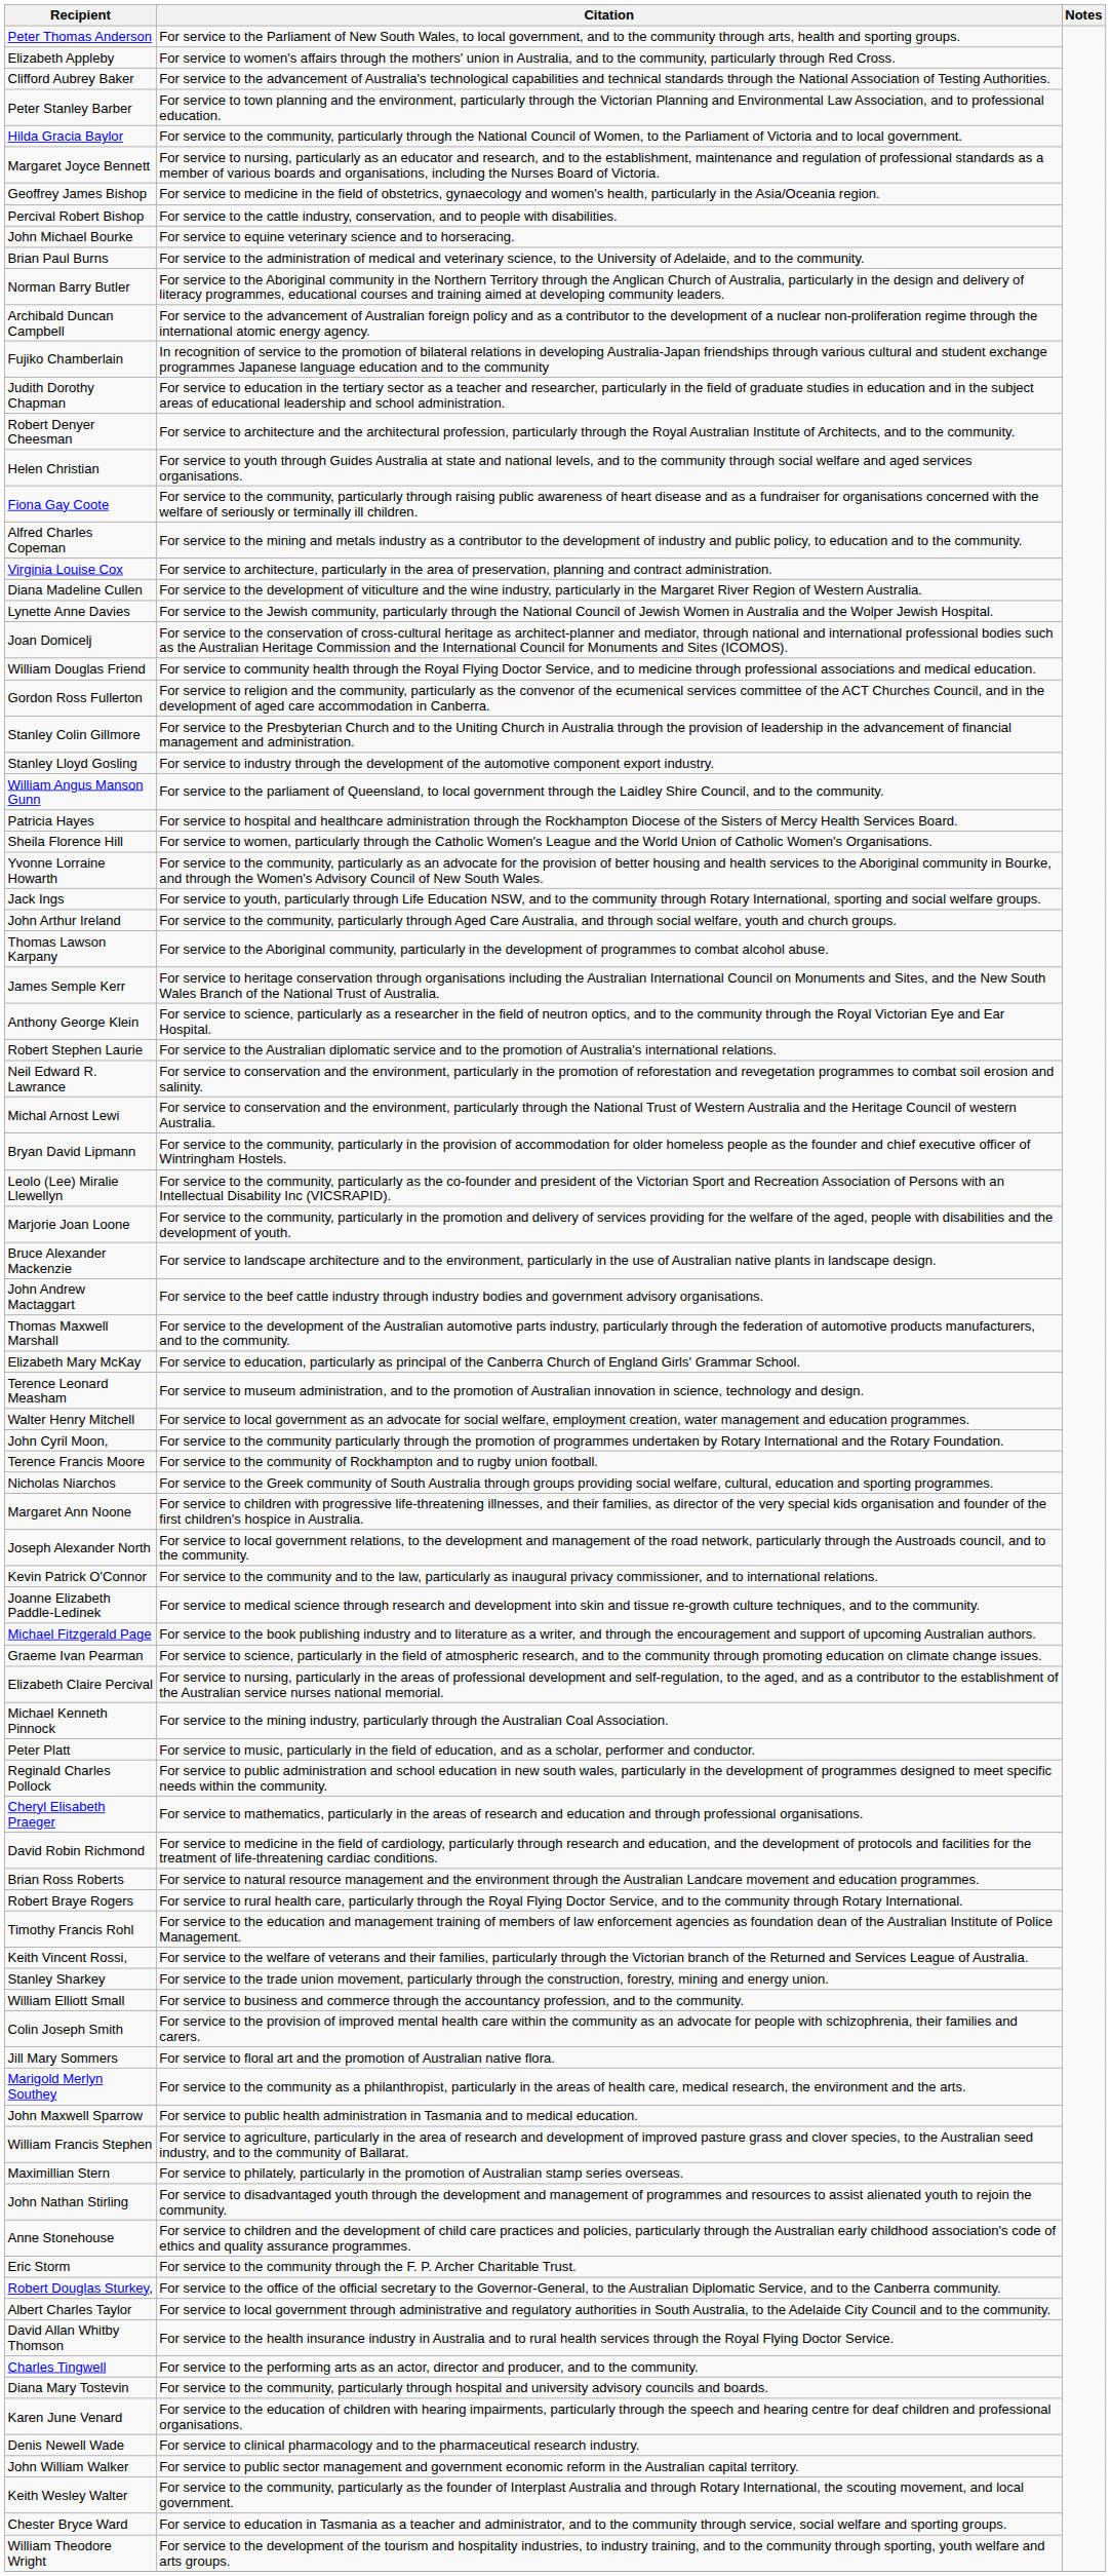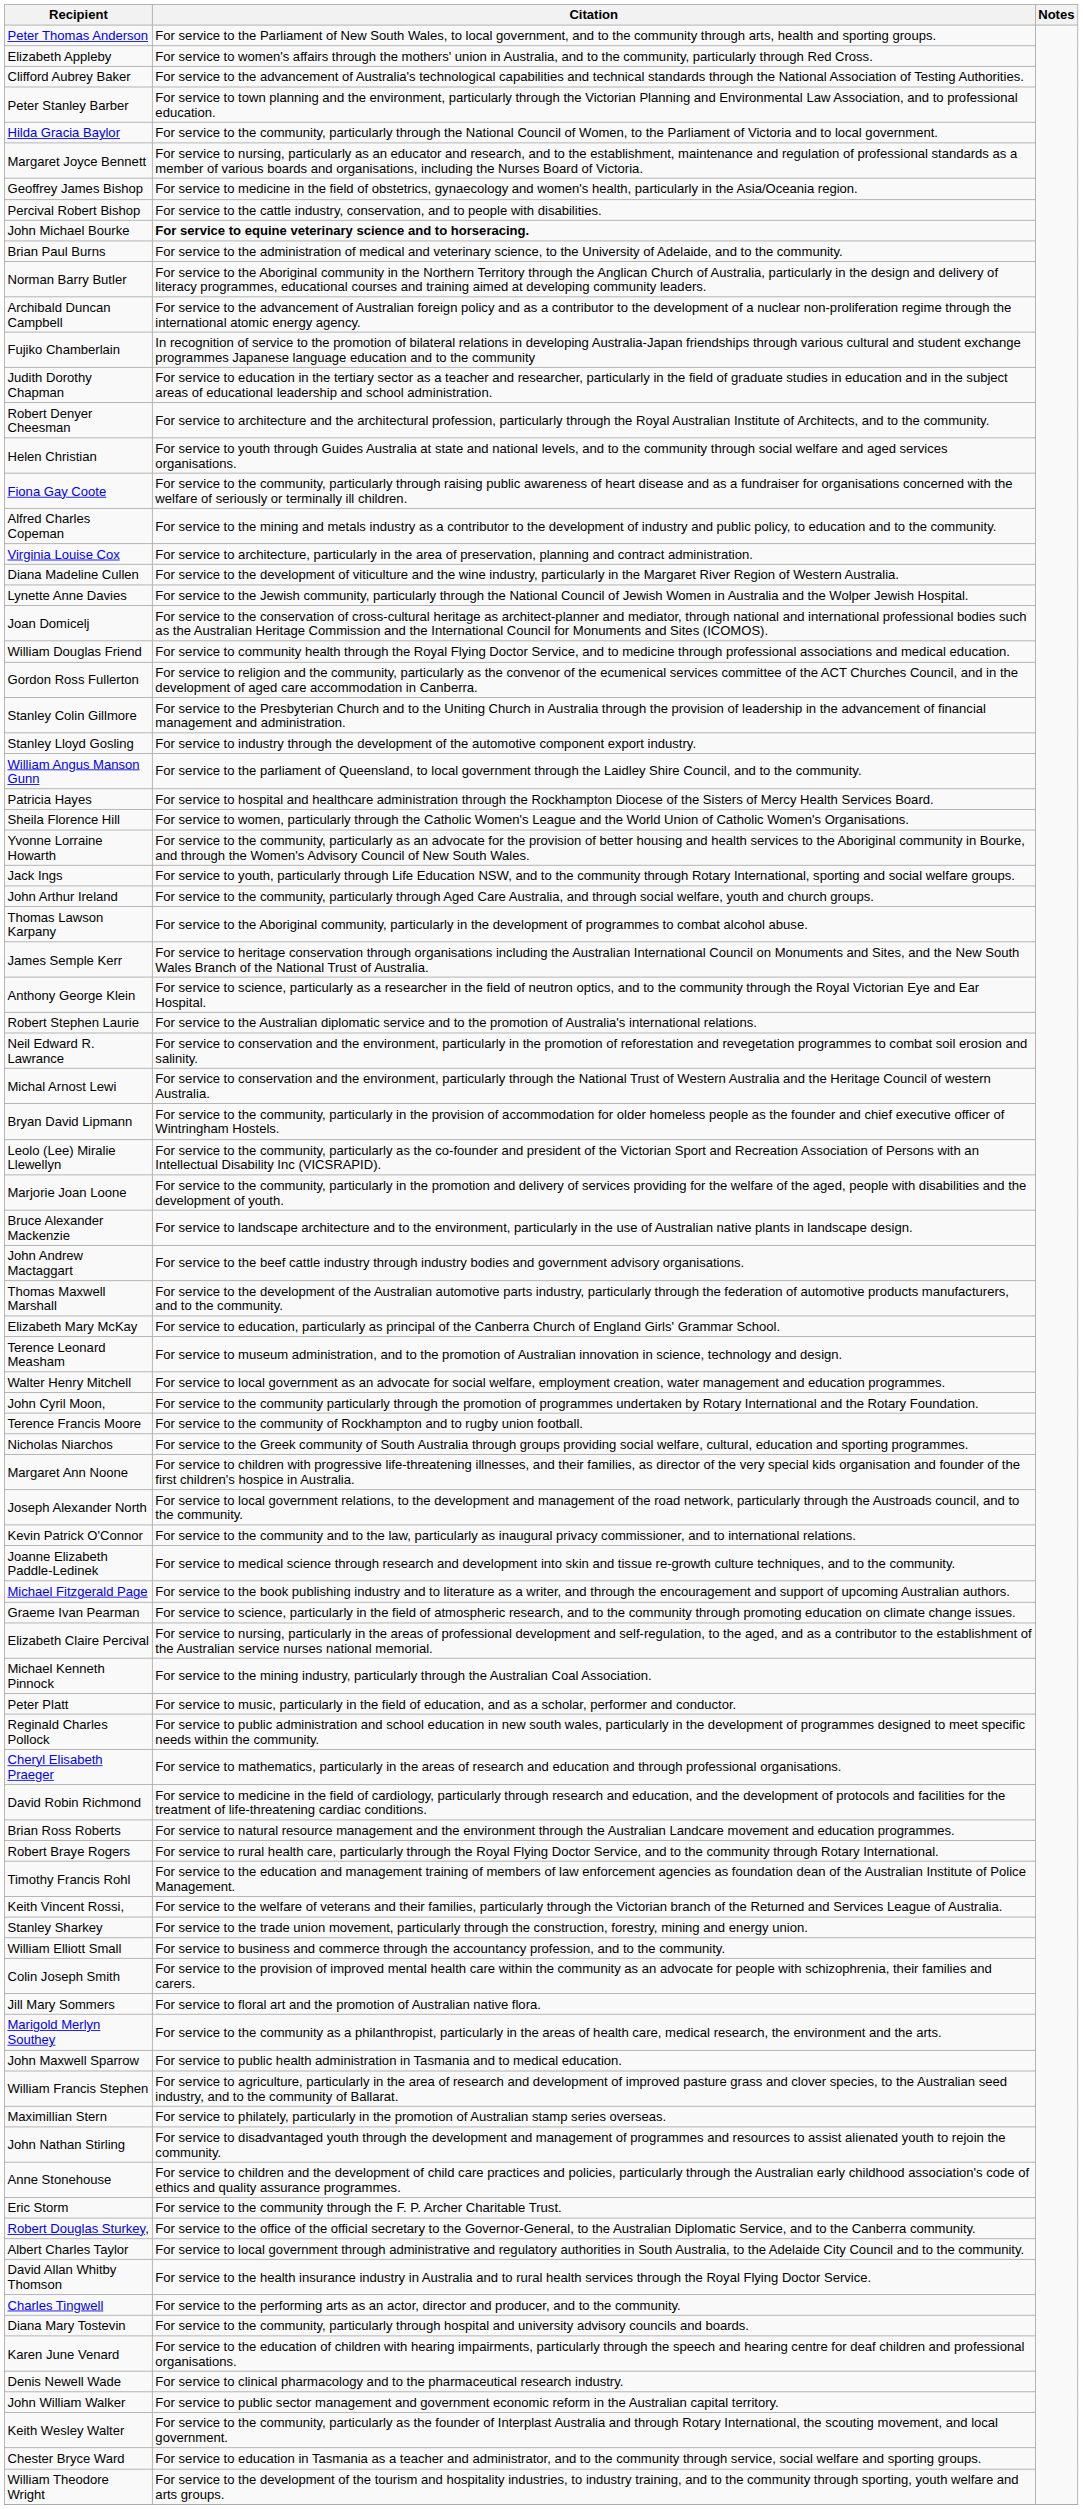 <table class="wikitable" style="font-size:95%;">
 <tr>
 <th>Recipient</th>
 <th>Citation</th>
 <th>Notes</th>
 </tr>
 <tr>
 <td> <a href='#'>Peter Thomas Anderson</a></td>
 <td>For service to the Parliament of New South Wales, to local government, and to the community through arts, health and sporting groups.</td>
 <td rowspan=88></td>
 </tr>
 <tr>
 <td>Elizabeth Appleby</td>
 <td>For service to women's affairs through the mothers' union in Australia, and to the community, particularly through Red Cross.</td>
 </tr>
 <tr>
 <td>Clifford Aubrey Baker</td>
 <td>For service to the advancement of Australia's technological capabilities and technical standards through the National Association of Testing Authorities.</td>
 </tr>
 <tr>
 <td>Peter Stanley Barber</td>
 <td>For service to town planning and the environment, particularly through the Victorian Planning and Environmental Law Association, and to professional education.</td>
 </tr>
 <tr>
 <td><a href='#'>Hilda Gracia Baylor</a></td>
 <td>For service to the community, particularly through the National Council of Women, to the Parliament of Victoria and to local government.</td>
 </tr>
 <tr>
 <td> Margaret Joyce Bennett</td>
 <td>For service to nursing, particularly as an educator and research, and to the establishment, maintenance and regulation of professional standards as a member of various boards and organisations, including the Nurses Board of Victoria.</td>
 </tr>
 <tr>
 <td> Geoffrey James Bishop</td>
 <td>For service to medicine in the field of obstetrics, gynaecology and women's health, particularly in the Asia/Oceania region.</td>
 </tr>
 <tr>
 <td>Percival Robert Bishop</td>
 <td>For service to the cattle industry, conservation, and to people with disabilities.</td>
 </tr>
 <tr>
 <td> John Michael Bourke</td>
-<td>For service to equine veterinary science and to horseracing.</td>
+<td><strong>For service to equine veterinary science and to horseracing.</strong></td>
 </tr>
 <tr>
 <td>Brian Paul Burns</td>
 <td>For service to the administration of medical and veterinary science, to the University of Adelaide, and to the community.</td>
 </tr>
 <tr>
 <td> Norman Barry Butler</td>
 <td>For service to the Aboriginal community in the Northern Territory through the Anglican Church of Australia, particularly in the design and delivery of literacy programmes, educational courses and training aimed at developing community leaders.</td>
 </tr>
 <tr>
 <td>Archibald Duncan Campbell</td>
 <td>For service to the advancement of Australian foreign policy and as a contributor to the development of a nuclear non-proliferation regime through the international atomic energy agency.</td>
 </tr>
 <tr>
 <td> Fujiko Chamberlain</td>
 <td>In recognition of service to the promotion of bilateral relations in developing Australia-Japan friendships through various cultural and student exchange programmes Japanese language education and to the community</td>
 </tr>
 <tr>
 <td> Judith Dorothy Chapman</td>
 <td>For service to education in the tertiary sector as a teacher and researcher, particularly in the field of graduate studies in education and in the subject areas of educational leadership and school administration.</td>
 </tr>
 <tr>
 <td>Robert Denyer Cheesman</td>
 <td>For service to architecture and the architectural profession, particularly through the Royal Australian Institute of Architects, and to the community.</td>
 </tr>
 <tr>
 <td>Helen Christian</td>
 <td>For service to youth through Guides Australia at state and national levels, and to the community through social welfare and aged services organisations.</td>
 </tr>
 <tr>
 <td><a href='#'>Fiona Gay Coote</a></td>
 <td>For service to the community, particularly through raising public awareness of heart disease and as a fundraiser for organisations concerned with the welfare of seriously or terminally ill children.</td>
 </tr>
 <tr>
 <td>Alfred Charles Copeman</td>
 <td>For service to the mining and metals industry as a contributor to the development of industry and public policy, to education and to the community.</td>
 </tr>
 <tr>
 <td><a href='#'>Virginia Louise Cox</a></td>
 <td>For service to architecture, particularly in the area of preservation, planning and contract administration.</td>
 </tr>
 <tr>
 <td>Diana Madeline Cullen</td>
 <td>For service to the development of viticulture and the wine industry, particularly in the Margaret River Region of Western Australia.</td>
 </tr>
 <tr>
 <td>Lynette Anne Davies</td>
 <td>For service to the Jewish community, particularly through the National Council of Jewish Women in Australia and the Wolper Jewish Hospital.</td>
 </tr>
 <tr>
 <td>Joan Domicelj</td>
 <td>For service to the conservation of cross-cultural heritage as architect-planner and mediator, through national and international professional bodies such as the Australian Heritage Commission and the International Council for Monuments and Sites (ICOMOS).</td>
 </tr>
 <tr>
 <td> William Douglas Friend</td>
 <td>For service to community health through the Royal Flying Doctor Service, and to medicine through professional associations and medical education.</td>
 </tr>
 <tr>
 <td> Gordon Ross Fullerton</td>
 <td>For service to religion and the community, particularly as the convenor of the ecumenical services committee of the ACT Churches Council, and in the development of aged care accommodation in Canberra.</td>
 </tr>
 <tr>
 <td>Stanley Colin Gillmore</td>
 <td>For service to the Presbyterian Church and to the Uniting Church in Australia through the provision of leadership in the advancement of financial management and administration.</td>
 </tr>
 <tr>
 <td>Stanley Lloyd Gosling</td>
 <td>For service to industry through the development of the automotive component export industry.</td>
 </tr>
 <tr>
 <td> <a href='#'>William Angus Manson Gunn</a></td>
 <td>For service to the parliament of Queensland, to local government through the Laidley Shire Council, and to the community.</td>
 </tr>
 <tr>
 <td> Patricia Hayes</td>
 <td>For service to hospital and healthcare administration through the Rockhampton Diocese of the Sisters of Mercy Health Services Board.</td>
 </tr>
 <tr>
 <td>Sheila Florence Hill</td>
 <td>For service to women, particularly through the Catholic Women's League and the World Union of Catholic Women's Organisations.</td>
 </tr>
 <tr>
 <td>Yvonne Lorraine Howarth</td>
 <td>For service to the community, particularly as an advocate for the provision of better housing and health services to the Aboriginal community in Bourke, and through the Women's Advisory Council of New South Wales.</td>
 </tr>
 <tr>
 <td>Jack Ings</td>
 <td>For service to youth, particularly through Life Education NSW, and to the community through Rotary International, sporting and social welfare groups.</td>
 </tr>
 <tr>
 <td>John Arthur Ireland</td>
 <td>For service to the community, particularly through Aged Care Australia, and through social welfare, youth and church groups.</td>
 </tr>
 <tr>
 <td>Thomas Lawson Karpany</td>
 <td>For service to the Aboriginal community, particularly in the development of programmes to combat alcohol abuse.</td>
 </tr>
 <tr>
 <td> James Semple Kerr</td>
 <td>For service to heritage conservation through organisations including the Australian International Council on Monuments and Sites, and the New South Wales Branch of the National Trust of Australia.</td>
 </tr>
 <tr>
 <td> Anthony George Klein</td>
 <td>For service to science, particularly as a researcher in the field of neutron optics, and to the community through the Royal Victorian Eye and Ear Hospital.</td>
 </tr>
 <tr>
 <td> Robert Stephen Laurie</td>
 <td>For service to the Australian diplomatic service and to the promotion of Australia's international relations.</td>
 </tr>
 <tr>
 <td>Neil Edward R. Lawrance</td>
 <td>For service to conservation and the environment, particularly in the promotion of reforestation and revegetation programmes to combat soil erosion and salinity.</td>
 </tr>
 <tr>
 <td>Michal Arnost Lewi</td>
 <td>For service to conservation and the environment, particularly through the National Trust of Western Australia and the Heritage Council of western Australia.</td>
 </tr>
 <tr>
 <td>Bryan David Lipmann</td>
 <td>For service to the community, particularly in the provision of accommodation for older homeless people as the founder and chief executive officer of Wintringham Hostels.</td>
 </tr>
 <tr>
 <td>Leolo (Lee) Miralie Llewellyn</td>
 <td>For service to the community, particularly as the co-founder and president of the Victorian Sport and Recreation Association of Persons with an Intellectual Disability Inc (VICSRAPID).</td>
 </tr>
 <tr>
 <td>Marjorie Joan Loone</td>
 <td>For service to the community, particularly in the promotion and delivery of services providing for the welfare of the aged, people with disabilities and the development of youth.</td>
 </tr>
 <tr>
 <td>Bruce Alexander Mackenzie</td>
 <td>For service to landscape architecture and to the environment, particularly in the use of Australian native plants in landscape design.</td>
 </tr>
 <tr>
 <td>John Andrew Mactaggart</td>
 <td>For service to the beef cattle industry through industry bodies and government advisory organisations.</td>
 </tr>
 <tr>
 <td>Thomas Maxwell Marshall</td>
 <td>For service to the development of the Australian automotive parts industry, particularly through the federation of automotive products manufacturers, and to the community.</td>
 </tr>
 <tr>
 <td>Elizabeth Mary McKay</td>
 <td>For service to education, particularly as principal of the Canberra Church of England Girls' Grammar School.</td>
 </tr>
 <tr>
 <td>Terence Leonard Measham</td>
 <td>For service to museum administration, and to the promotion of Australian innovation in science, technology and design.</td>
 </tr>
 <tr>
 <td> Walter Henry Mitchell</td>
 <td>For service to local government as an advocate for social welfare, employment creation, water management and education programmes.</td>
 </tr>
 <tr>
 <td>John Cyril Moon, </td>
 <td>For service to the community particularly through the promotion of programmes undertaken by Rotary International and the Rotary Foundation.</td>
 </tr>
 <tr>
 <td>Terence Francis Moore</td>
 <td>For service to the community of Rockhampton and to rugby union football.</td>
 </tr>
 <tr>
 <td>Nicholas Niarchos</td>
 <td>For service to the Greek community of South Australia through groups providing social welfare, cultural, education and sporting programmes.</td>
 </tr>
 <tr>
 <td> Margaret Ann Noone</td>
 <td>For service to children with progressive life-threatening illnesses, and their families, as director of the very special kids organisation and founder of the first children's hospice in Australia.</td>
 </tr>
 <tr>
 <td>Joseph Alexander North</td>
 <td>For service to local government relations, to the development and management of the road network, particularly through the Austroads council, and to the community.</td>
 </tr>
 <tr>
 <td> Kevin Patrick O'Connor</td>
 <td>For service to the community and to the law, particularly as inaugural privacy commissioner, and to international relations.</td>
 </tr>
 <tr>
 <td>Joanne Elizabeth Paddle-Ledinek</td>
 <td>For service to medical science through research and development into skin and tissue re-growth culture techniques, and to the community.</td>
 </tr>
 <tr>
 <td><a href='#'>Michael Fitzgerald Page</a></td>
 <td>For service to the book publishing industry and to literature as a writer, and through the encouragement and support of upcoming Australian authors.</td>
 </tr>
 <tr>
 <td> Graeme Ivan Pearman</td>
 <td>For service to science, particularly in the field of atmospheric research, and to the community through promoting education on climate change issues.</td>
 </tr>
 <tr>
 <td>Elizabeth Claire Percival</td>
 <td>For service to nursing, particularly in the areas of professional development and self-regulation, to the aged, and as a contributor to the establishment of the Australian service nurses national memorial.</td>
 </tr>
 <tr>
 <td>Michael Kenneth Pinnock</td>
 <td>For service to the mining industry, particularly through the Australian Coal Association.</td>
 </tr>
 <tr>
 <td> Peter Platt</td>
 <td>For service to music, particularly in the field of education, and as a scholar, performer and conductor.</td>
 </tr>
 <tr>
 <td>Reginald Charles Pollock</td>
 <td>For service to public administration and school education in new south wales, particularly in the development of programmes designed to meet specific needs within the community.</td>
 </tr>
 <tr>
 <td> <a href='#'>Cheryl Elisabeth Praeger</a></td>
 <td>For service to mathematics, particularly in the areas of research and education and through professional organisations.</td>
 </tr>
 <tr>
 <td> David Robin Richmond</td>
 <td>For service to medicine in the field of cardiology, particularly through research and education, and the development of protocols and facilities for the treatment of life-threatening cardiac conditions.</td>
 </tr>
 <tr>
 <td> Brian Ross Roberts</td>
 <td>For service to natural resource management and the environment through the Australian Landcare movement and education programmes.</td>
 </tr>
 <tr>
 <td>Robert Braye Rogers</td>
 <td>For service to rural health care, particularly through the Royal Flying Doctor Service, and to the community through Rotary International.</td>
 </tr>
 <tr>
 <td>Timothy Francis Rohl</td>
 <td>For service to the education and management training of members of law enforcement agencies as foundation dean of the Australian Institute of Police Management.</td>
 </tr>
 <tr>
 <td> Keith Vincent Rossi, </td>
 <td>For service to the welfare of veterans and their families, particularly through the Victorian branch of the Returned and Services League of Australia.</td>
 </tr>
 <tr>
 <td>Stanley Sharkey</td>
 <td>For service to the trade union movement, particularly through the construction, forestry, mining and energy union.</td>
 </tr>
 <tr>
 <td>William Elliott Small</td>
 <td>For service to business and commerce through the accountancy profession, and to the community.</td>
 </tr>
 <tr>
 <td>Colin Joseph Smith</td>
 <td>For service to the provision of improved mental health care within the community as an advocate for people with schizophrenia, their families and carers.</td>
 </tr>
 <tr>
 <td>Jill Mary Sommers</td>
 <td>For service to floral art and the promotion of Australian native flora.</td>
 </tr>
 <tr>
 <td> <a href='#'>Marigold Merlyn Southey</a></td>
 <td>For service to the community as a philanthropist, particularly in the areas of health care, medical research, the environment and the arts.</td>
 </tr>
 <tr>
 <td> John Maxwell Sparrow</td>
 <td>For service to public health administration in Tasmania and to medical education.</td>
 </tr>
 <tr>
 <td>William Francis Stephen</td>
 <td>For service to agriculture, particularly in the area of research and development of improved pasture grass and clover species, to the Australian seed industry, and to the community of Ballarat.</td>
 </tr>
 <tr>
 <td>Maximillian Stern</td>
 <td>For service to philately, particularly in the promotion of Australian stamp series overseas.</td>
 </tr>
 <tr>
 <td>John Nathan Stirling</td>
 <td>For service to disadvantaged youth through the development and management of programmes and resources to assist alienated youth to rejoin the community.</td>
 </tr>
 <tr>
 <td> Anne Stonehouse</td>
 <td>For service to children and the development of child care practices and policies, particularly through the Australian early childhood association's code of ethics and quality assurance programmes.</td>
 </tr>
 <tr>
 <td>Eric Storm</td>
 <td>For service to the community through the F. P. Archer Charitable Trust.</td>
 </tr>
 <tr>
 <td><a href='#'>Robert Douglas Sturkey</a>, </td>
 <td>For service to the office of the official secretary to the Governor-General, to the Australian Diplomatic Service, and to the Canberra community.</td>
 </tr>
 <tr>
 <td>Albert Charles Taylor</td>
 <td>For service to local government through administrative and regulatory authorities in South Australia, to the Adelaide City Council and to the community.</td>
 </tr>
 <tr>
 <td>David Allan Whitby Thomson</td>
 <td>For service to the health insurance industry in Australia and to rural health services through the Royal Flying Doctor Service.</td>
 </tr>
 <tr>
 <td><a href='#'>Charles Tingwell</a></td>
 <td>For service to the performing arts as an actor, director and producer, and to the community.</td>
 </tr>
 <tr>
 <td>Diana Mary Tostevin</td>
 <td>For service to the community, particularly through hospital and university advisory councils and boards.</td>
 </tr>
 <tr>
 <td>Karen June Venard</td>
 <td>For service to the education of children with hearing impairments, particularly through the speech and hearing centre for deaf children and professional organisations.</td>
 </tr>
 <tr>
 <td> Denis Newell Wade</td>
 <td>For service to clinical pharmacology and to the pharmaceutical research industry.</td>
 </tr>
 <tr>
 <td>John William Walker</td>
 <td>For service to public sector management and government economic reform in the Australian capital territory.</td>
 </tr>
 <tr>
 <td>Keith Wesley Walter</td>
 <td>For service to the community, particularly as the founder of Interplast Australia and through Rotary International, the scouting movement, and local government.</td>
 </tr>
 <tr>
 <td>Chester Bryce Ward</td>
 <td>For service to education in Tasmania as a teacher and administrator, and to the community through service, social welfare and sporting groups.</td>
 </tr>
 <tr>
 <td>William Theodore Wright</td>
 <td>For service to the development of the tourism and hospitality industries, to industry training, and to the community through sporting, youth welfare and arts groups.</td>
 </tr>
 <tr>
 </tr>
 </table>
